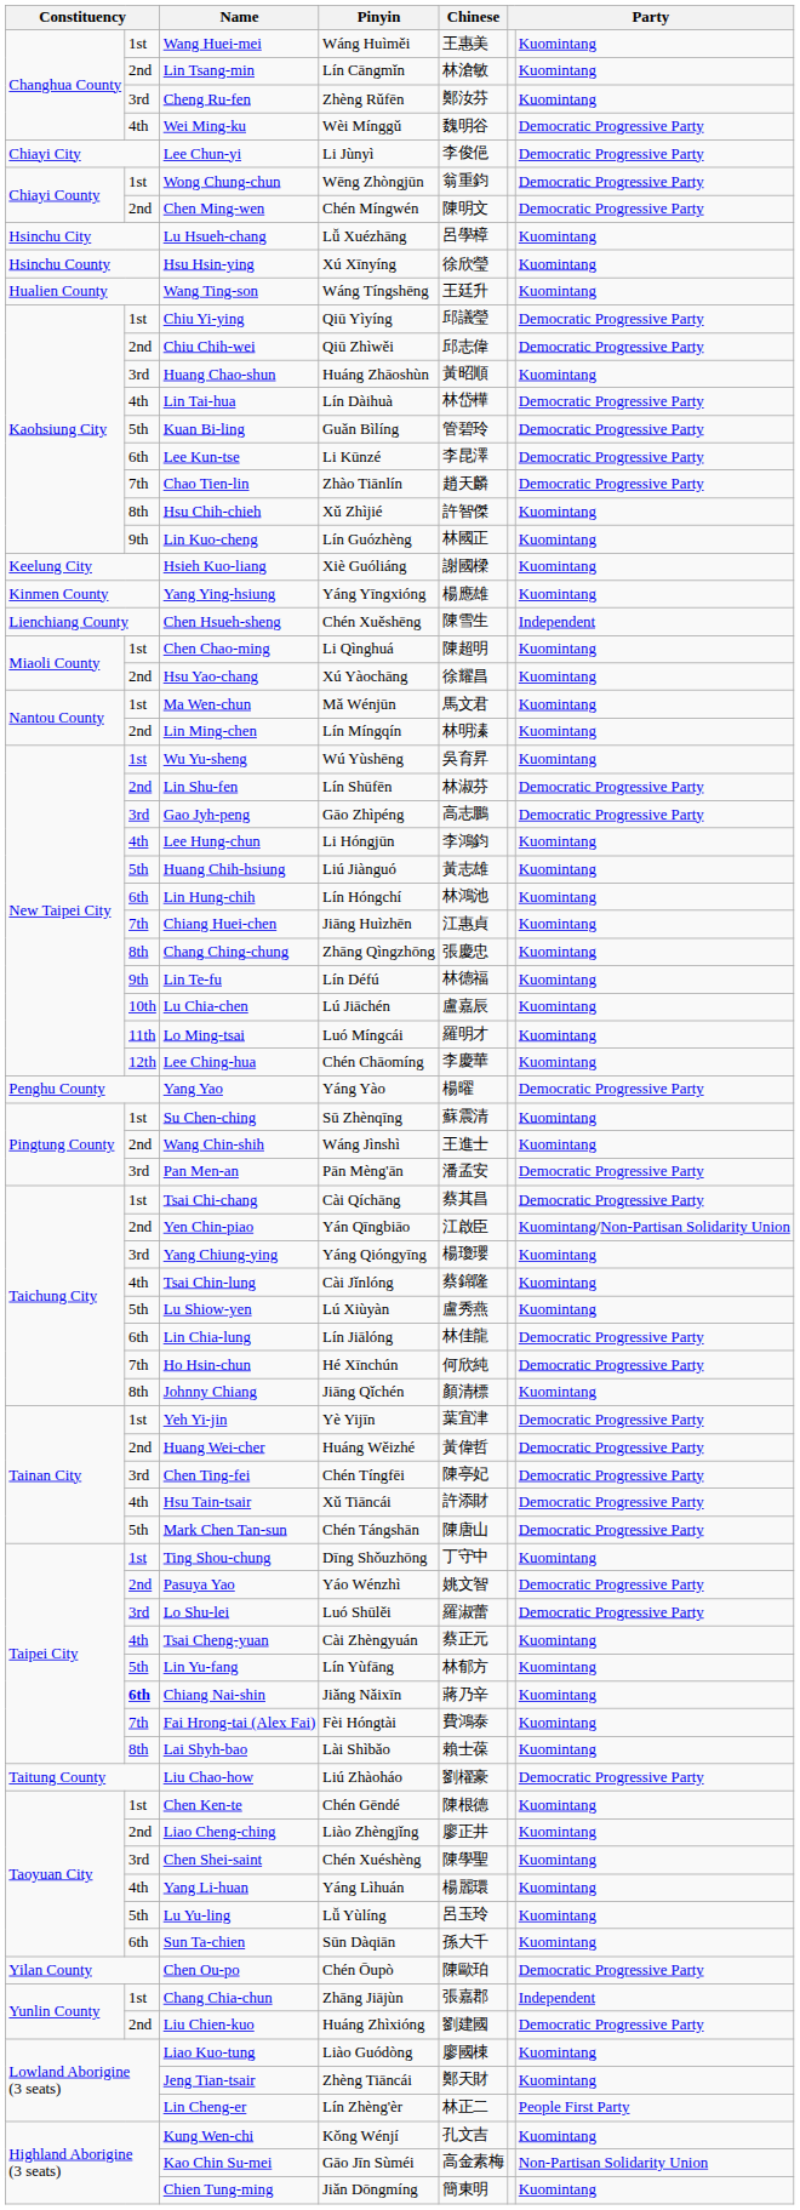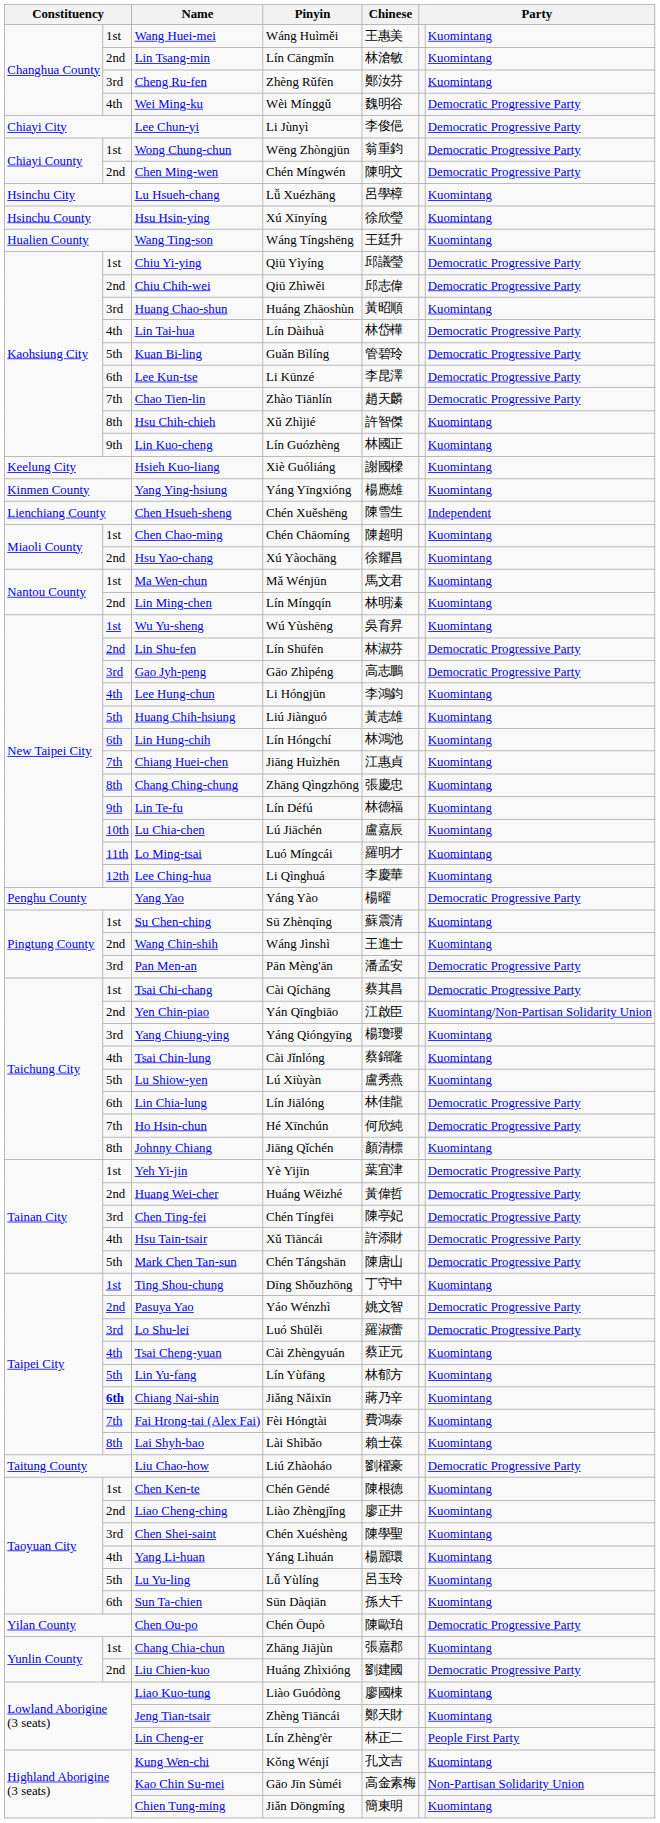 <table class="wikitable">
 <tr>
 <th colspan=2>Constituency</th>
 <th>Name</th>
 <th>Pinyin</th>
 <th>Chinese</th>
 <th colspan=2>Party</th>
 </tr>
 <tr>
 <td rowspan=4><a href='#'>Changhua County</a></td>
 <td>1st</td>
 <td><a href='#'>Wang Huei-mei</a></td>
 <td>Wáng Huìměi</td>
 <td>王惠美</td>
 <td style="background-color: "></td>
 <td><a href='#'>Kuomintang</a></td>
 </tr>
 <tr>
 <td>2nd</td>
 <td><a href='#'>Lin Tsang-min</a></td>
 <td>Lín Cāngmǐn</td>
 <td>林滄敏</td>
 <td style="background-color: "></td>
 <td><a href='#'>Kuomintang</a></td>
 </tr>
 <tr>
 <td>3rd</td>
 <td><a href='#'>Cheng Ru-fen</a></td>
 <td>Zhèng Rǔfēn</td>
 <td>鄭汝芬</td>
 <td style="background-color: "></td>
 <td><a href='#'>Kuomintang</a></td>
 </tr>
 <tr>
 <td>4th</td>
 <td><a href='#'>Wei Ming-ku</a></td>
 <td>Wèi Mínggǔ</td>
 <td>魏明谷</td>
 <td style="background-color: "></td>
 <td><a href='#'>Democratic Progressive Party</a></td>
 </tr>
 <tr>
 <td colspan=2><a href='#'>Chiayi City</a></td>
 <td><a href='#'>Lee Chun-yi</a></td>
 <td>Li Jùnyì</td>
 <td>李俊俋</td>
 <td style="background-color: "></td>
 <td><a href='#'>Democratic Progressive Party</a></td>
 </tr>
 <tr>
 <td rowspan=2><a href='#'>Chiayi County</a></td>
 <td>1st</td>
 <td><a href='#'>Wong Chung-chun</a></td>
 <td>Wēng Zhòngjūn</td>
 <td>翁重鈞</td>
 <td style="background-color: "></td>
 <td><a href='#'>Democratic Progressive Party</a></td>
 </tr>
 <tr>
 <td>2nd</td>
 <td><a href='#'>Chen Ming-wen</a></td>
 <td>Chén Míngwén</td>
 <td>陳明文</td>
 <td style="background-color: "></td>
 <td><a href='#'>Democratic Progressive Party</a></td>
 </tr>
 <tr>
 <td colspan=2><a href='#'>Hsinchu City</a></td>
 <td><a href='#'>Lu Hsueh-chang</a></td>
 <td>Lǚ Xuézhāng</td>
 <td>呂學樟</td>
 <td style="background-color: "></td>
 <td><a href='#'>Kuomintang</a></td>
 </tr>
 <tr>
 <td colspan=2><a href='#'>Hsinchu County</a></td>
 <td><a href='#'>Hsu Hsin-ying</a></td>
 <td>Xú Xīnyíng</td>
 <td>徐欣瑩</td>
 <td style="background-color: "></td>
 <td><a href='#'>Kuomintang</a></td>
 </tr>
 <tr>
 <td colspan=2><a href='#'>Hualien County</a></td>
 <td><a href='#'>Wang Ting-son</a></td>
 <td>Wáng Tíngshēng</td>
 <td>王廷升</td>
 <td style="background-color: "></td>
 <td><a href='#'>Kuomintang</a></td>
 </tr>
 <tr>
 <td rowspan=9><a href='#'>Kaohsiung City</a></td>
 <td>1st</td>
 <td><a href='#'>Chiu Yi-ying</a></td>
 <td>Qiū Yìyíng</td>
 <td>邱議瑩</td>
 <td style="background-color: "></td>
 <td><a href='#'>Democratic Progressive Party</a></td>
 </tr>
 <tr>
 <td>2nd</td>
 <td><a href='#'>Chiu Chih-wei</a></td>
 <td>Qiū Zhìwěi</td>
 <td>邱志偉</td>
 <td style="background-color: "></td>
 <td><a href='#'>Democratic Progressive Party</a></td>
 </tr>
 <tr>
 <td>3rd</td>
 <td><a href='#'>Huang Chao-shun</a></td>
 <td>Huáng Zhāoshùn</td>
 <td>黃昭順</td>
 <td style="background-color: "></td>
 <td><a href='#'>Kuomintang</a></td>
 </tr>
 <tr>
 <td>4th</td>
 <td><a href='#'>Lin Tai-hua</a></td>
 <td>Lín Dàihuà</td>
 <td>林岱樺</td>
 <td style="background-color: "></td>
 <td><a href='#'>Democratic Progressive Party</a></td>
 </tr>
 <tr>
 <td>5th</td>
 <td><a href='#'>Kuan Bi-ling</a></td>
 <td>Guǎn Bìlíng</td>
 <td>管碧玲</td>
 <td style="background-color: "></td>
 <td><a href='#'>Democratic Progressive Party</a></td>
 </tr>
 <tr>
 <td>6th</td>
 <td><a href='#'>Lee Kun-tse</a></td>
 <td>Li Kūnzé</td>
 <td>李昆澤</td>
 <td style="background-color: "></td>
 <td><a href='#'>Democratic Progressive Party</a></td>
 </tr>
 <tr>
 <td>7th</td>
 <td><a href='#'>Chao Tien-lin</a></td>
 <td>Zhào Tiānlín</td>
 <td>趙天麟</td>
 <td style="background-color: "></td>
 <td><a href='#'>Democratic Progressive Party</a></td>
 </tr>
 <tr>
 <td>8th</td>
 <td><a href='#'>Hsu Chih-chieh</a></td>
 <td>Xǔ Zhìjié</td>
 <td>許智傑</td>
 <td style="background-color: "></td>
 <td><a href='#'>Kuomintang</a></td>
 </tr>
 <tr>
 <td>9th</td>
 <td><a href='#'>Lin Kuo-cheng</a></td>
 <td>Lín Guózhèng</td>
 <td>林國正</td>
 <td style="background-color: "></td>
 <td><a href='#'>Kuomintang</a></td>
 </tr>
 <tr>
 <td colspan=2><a href='#'>Keelung City</a></td>
 <td><a href='#'>Hsieh Kuo-liang</a></td>
 <td>Xiè Guóliáng</td>
 <td>謝國樑</td>
 <td style="background-color: "></td>
 <td><a href='#'>Kuomintang</a></td>
 </tr>
 <tr>
 <td colspan=2><a href='#'>Kinmen County</a></td>
 <td><a href='#'>Yang Ying-hsiung</a></td>
 <td>Yáng Yīngxióng</td>
 <td>楊應雄</td>
 <td style="background-color: "></td>
 <td><a href='#'>Kuomintang</a></td>
 </tr>
 <tr>
 <td colspan=2><a href='#'>Lienchiang County</a></td>
 <td><a href='#'>Chen Hsueh-sheng</a></td>
 <td>Chén Xuěshēng</td>
 <td>陳雪生</td>
 <td style="background-color: "></td>
 <td><a href='#'>Independent</a></td>
 </tr>
 <tr>
 <td rowspan=2><a href='#'>Miaoli County</a></td>
 <td>1st</td>
 <td><a href='#'>Chen Chao-ming</a></td>
-<td>Li Qìnghuá</td>
+<td>Chén Chāomíng</td>
 <td>陳超明</td>
 <td style="background-color: "></td>
 <td><a href='#'>Kuomintang</a></td>
 </tr>
 <tr>
 <td>2nd</td>
 <td><a href='#'>Hsu Yao-chang</a></td>
 <td>Xú Yàochāng</td>
 <td>徐耀昌</td>
 <td style="background-color: "></td>
 <td><a href='#'>Kuomintang</a></td>
 </tr>
 <tr>
 <td rowspan=2><a href='#'>Nantou County</a></td>
 <td>1st</td>
 <td><a href='#'>Ma Wen-chun</a></td>
 <td>Mǎ Wénjūn</td>
 <td>馬文君</td>
 <td style="background-color: "></td>
 <td><a href='#'>Kuomintang</a></td>
 </tr>
 <tr>
 <td>2nd</td>
 <td><a href='#'>Lin Ming-chen</a></td>
 <td>Lín Míngqín</td>
 <td>林明溱</td>
 <td style="background-color: "></td>
 <td><a href='#'>Kuomintang</a></td>
 </tr>
 <tr>
 <td rowspan=12><a href='#'>New Taipei City</a></td>
 <td><a href='#'>1st</a></td>
 <td><a href='#'>Wu Yu-sheng</a></td>
 <td>Wú Yùshēng</td>
 <td>吳育昇</td>
 <td style="background-color: "></td>
 <td><a href='#'>Kuomintang</a></td>
 </tr>
 <tr>
 <td><a href='#'>2nd</a></td>
 <td><a href='#'>Lin Shu-fen</a></td>
 <td>Lín Shūfēn</td>
 <td>林淑芬</td>
 <td style="background-color: "></td>
 <td><a href='#'>Democratic Progressive Party</a></td>
 </tr>
 <tr>
 <td><a href='#'>3rd</a></td>
 <td><a href='#'>Gao Jyh-peng</a></td>
 <td>Gāo Zhìpéng</td>
 <td>高志鵬</td>
 <td style="background-color: "></td>
 <td><a href='#'>Democratic Progressive Party</a></td>
 </tr>
 <tr>
 <td><a href='#'>4th</a></td>
 <td><a href='#'>Lee Hung-chun</a></td>
 <td>Li Hóngjūn</td>
 <td>李鴻鈞</td>
 <td style="background-color: "></td>
 <td><a href='#'>Kuomintang</a></td>
 </tr>
 <tr>
 <td><a href='#'>5th</a></td>
 <td><a href='#'>Huang Chih-hsiung</a></td>
 <td>Liú Jiànguó</td>
 <td>黃志雄</td>
 <td style="background-color: "></td>
 <td><a href='#'>Kuomintang</a></td>
 </tr>
 <tr>
 <td><a href='#'>6th</a></td>
 <td><a href='#'>Lin Hung-chih</a></td>
 <td>Lín Hóngchí</td>
 <td>林鴻池</td>
 <td style="background-color: "></td>
 <td><a href='#'>Kuomintang</a></td>
 </tr>
 <tr>
 <td><a href='#'>7th</a></td>
 <td><a href='#'>Chiang Huei-chen</a></td>
 <td>Jiāng Huìzhēn</td>
 <td>江惠貞</td>
 <td style="background-color: "></td>
 <td><a href='#'>Kuomintang</a></td>
 </tr>
 <tr>
 <td><a href='#'>8th</a></td>
 <td><a href='#'>Chang Ching-chung</a></td>
 <td>Zhāng Qìngzhōng</td>
 <td>張慶忠</td>
 <td style="background-color: "></td>
 <td><a href='#'>Kuomintang</a></td>
 </tr>
 <tr>
 <td><a href='#'>9th</a></td>
 <td><a href='#'>Lin Te-fu</a></td>
 <td>Lín Défú</td>
 <td>林德福</td>
 <td style="background-color: "></td>
 <td><a href='#'>Kuomintang</a></td>
 </tr>
 <tr>
 <td><a href='#'>10th</a></td>
 <td><a href='#'>Lu Chia-chen</a></td>
 <td>Lú Jiāchén</td>
 <td>盧嘉辰</td>
 <td style="background-color: "></td>
 <td><a href='#'>Kuomintang</a></td>
 </tr>
 <tr>
 <td><a href='#'>11th</a></td>
 <td><a href='#'>Lo Ming-tsai</a></td>
 <td>Luó Míngcái</td>
 <td>羅明才</td>
 <td style="background-color: "></td>
 <td><a href='#'>Kuomintang</a></td>
 </tr>
 <tr>
 <td><a href='#'>12th</a></td>
 <td><a href='#'>Lee Ching-hua</a></td>
-<td>Chén Chāomíng</td>
+<td>Li Qìnghuá</td>
 <td>李慶華</td>
 <td style="background-color: "></td>
 <td><a href='#'>Kuomintang</a></td>
 </tr>
 <tr>
 <td colspan=2><a href='#'>Penghu County</a></td>
 <td><a href='#'>Yang Yao</a></td>
 <td>Yáng Yào</td>
 <td>楊曜</td>
 <td style="background-color: "></td>
 <td><a href='#'>Democratic Progressive Party</a></td>
 </tr>
 <tr>
 <td rowspan=3><a href='#'>Pingtung County</a></td>
 <td>1st</td>
 <td><a href='#'>Su Chen-ching</a></td>
 <td>Sū Zhènqīng</td>
 <td>蘇震清</td>
 <td style="background-color: "></td>
 <td><a href='#'>Kuomintang</a></td>
 </tr>
 <tr>
 <td>2nd</td>
 <td><a href='#'>Wang Chin-shih</a></td>
 <td>Wáng Jìnshì</td>
 <td>王進士</td>
 <td style="background-color: "></td>
 <td><a href='#'>Kuomintang</a></td>
 </tr>
 <tr>
 <td>3rd</td>
 <td><a href='#'>Pan Men-an</a></td>
 <td>Pān Mèng'ān</td>
 <td>潘孟安</td>
 <td style="background-color: "></td>
 <td><a href='#'>Democratic Progressive Party</a></td>
 </tr>
 <tr>
 <td rowspan=8><a href='#'>Taichung City</a></td>
 <td>1st</td>
 <td><a href='#'>Tsai Chi-chang</a></td>
 <td>Cài Qíchāng</td>
 <td>蔡其昌</td>
 <td style="background-color: "></td>
 <td><a href='#'>Democratic Progressive Party</a></td>
 </tr>
 <tr>
 <td>2nd</td>
 <td><a href='#'>Yen Chin-piao</a></td>
 <td>Yán Qīngbiāo</td>
 <td>江啟臣</td>
 <td style="background:"></td>
 <td><a href='#'>Kuomintang</a>/<a href='#'>Non-Partisan Solidarity Union</a></td>
 </tr>
 <tr>
 <td>3rd</td>
 <td><a href='#'>Yang Chiung-ying</a></td>
 <td>Yáng Qióngyīng</td>
 <td>楊瓊瓔</td>
 <td style="background-color: "></td>
 <td><a href='#'>Kuomintang</a></td>
 </tr>
 <tr>
 <td>4th</td>
 <td><a href='#'>Tsai Chin-lung</a></td>
 <td>Cài Jǐnlóng</td>
 <td>蔡錦隆</td>
 <td style="background-color: "></td>
 <td><a href='#'>Kuomintang</a></td>
 </tr>
 <tr>
 <td>5th</td>
 <td><a href='#'>Lu Shiow-yen</a></td>
 <td>Lú Xiùyàn</td>
 <td>盧秀燕</td>
 <td style="background-color: "></td>
 <td><a href='#'>Kuomintang</a></td>
 </tr>
 <tr>
 <td>6th</td>
 <td><a href='#'>Lin Chia-lung</a></td>
 <td>Lín Jiālóng</td>
 <td>林佳龍</td>
 <td style="background-color: "></td>
 <td><a href='#'>Democratic Progressive Party</a></td>
 </tr>
 <tr>
 <td>7th</td>
 <td><a href='#'>Ho Hsin-chun</a></td>
 <td>Hé Xīnchún</td>
 <td>何欣純</td>
 <td style="background-color: "></td>
 <td><a href='#'>Democratic Progressive Party</a></td>
 </tr>
 <tr>
 <td>8th</td>
 <td><a href='#'>Johnny Chiang</a></td>
 <td>Jiāng Qǐchén</td>
 <td>顏清標</td>
 <td style="background-color: "></td>
 <td><a href='#'>Kuomintang</a></td>
 </tr>
 <tr>
 <td rowspan=5><a href='#'>Tainan City</a></td>
 <td>1st</td>
 <td><a href='#'>Yeh Yi-jin</a></td>
 <td>Yè Yijīn</td>
 <td>葉宜津</td>
 <td style="background-color: "></td>
 <td><a href='#'>Democratic Progressive Party</a></td>
 </tr>
 <tr>
 <td>2nd</td>
 <td><a href='#'>Huang Wei-cher</a></td>
 <td>Huáng Wěizhé</td>
 <td>黃偉哲</td>
 <td style="background-color: "></td>
 <td><a href='#'>Democratic Progressive Party</a></td>
 </tr>
 <tr>
 <td>3rd</td>
 <td><a href='#'>Chen Ting-fei</a></td>
 <td>Chén Tíngfēi</td>
 <td>陳亭妃</td>
 <td style="background-color: "></td>
 <td><a href='#'>Democratic Progressive Party</a></td>
 </tr>
 <tr>
 <td>4th</td>
 <td><a href='#'>Hsu Tain-tsair</a></td>
 <td>Xǔ Tiāncái</td>
 <td>許添財</td>
 <td style="background-color: "></td>
 <td><a href='#'>Democratic Progressive Party</a></td>
 </tr>
 <tr>
 <td>5th</td>
 <td><a href='#'>Mark Chen Tan-sun</a></td>
 <td>Chén Tángshān</td>
 <td>陳唐山</td>
 <td style="background-color: "></td>
 <td><a href='#'>Democratic Progressive Party</a></td>
 </tr>
 <tr>
 <td rowspan=8><a href='#'>Taipei City</a></td>
 <td><a href='#'>1st</a></td>
 <td><a href='#'>Ting Shou-chung</a></td>
 <td>Dīng Shǒuzhōng</td>
 <td>丁守中</td>
 <td style="background-color: "></td>
 <td><a href='#'>Kuomintang</a></td>
 </tr>
 <tr>
 <td><a href='#'>2nd</a></td>
 <td><a href='#'>Pasuya Yao</a></td>
 <td>Yáo Wénzhì</td>
 <td>姚文智</td>
 <td style="background-color: "></td>
 <td><a href='#'>Democratic Progressive Party</a></td>
 </tr>
 <tr>
 <td><a href='#'>3rd</a></td>
 <td><a href='#'>Lo Shu-lei</a></td>
 <td>Luó Shūlěi</td>
 <td>羅淑蕾</td>
 <td style="background-color: "></td>
 <td><a href='#'>Democratic Progressive Party</a></td>
 </tr>
 <tr>
 <td><a href='#'>4th</a></td>
 <td><a href='#'>Tsai Cheng-yuan</a></td>
 <td>Cài Zhèngyuán</td>
 <td>蔡正元</td>
 <td style="background-color: "></td>
 <td><a href='#'>Kuomintang</a></td>
 </tr>
 <tr>
 <td><a href='#'>5th</a></td>
 <td><a href='#'>Lin Yu-fang</a></td>
 <td>Lín Yùfāng</td>
 <td>林郁方</td>
 <td style="background-color: "></td>
 <td><a href='#'>Kuomintang</a></td>
 </tr>
 <tr>
 <td><strong><a href='#'>6th</a></strong></td>
 <td><a href='#'>Chiang Nai-shin</a></td>
 <td>Jiǎng Nǎixīn</td>
 <td>蔣乃辛</td>
 <td style="background-color: "></td>
 <td><a href='#'>Kuomintang</a></td>
 </tr>
 <tr>
 <td><a href='#'>7th</a></td>
 <td><a href='#'>Fai Hrong-tai (Alex Fai)</a></td>
 <td>Fèi Hóngtài</td>
 <td>費鴻泰</td>
 <td style="background-color: "></td>
 <td><a href='#'>Kuomintang</a></td>
 </tr>
 <tr>
 <td><a href='#'>8th</a></td>
 <td><a href='#'>Lai Shyh-bao</a></td>
 <td>Lài Shìbǎo</td>
 <td>賴士葆</td>
 <td style="background-color: "></td>
 <td><a href='#'>Kuomintang</a></td>
 </tr>
 <tr>
 <td colspan=2><a href='#'>Taitung County</a></td>
 <td><a href='#'>Liu Chao-how</a></td>
 <td>Liú Zhàoháo</td>
 <td>劉櫂豪</td>
 <td style="background-color: "></td>
 <td><a href='#'>Democratic Progressive Party</a></td>
 </tr>
 <tr>
 <td rowspan=6><a href='#'>Taoyuan City</a></td>
 <td>1st</td>
 <td><a href='#'>Chen Ken-te</a></td>
 <td>Chén Gēndé</td>
 <td>陳根德</td>
 <td style="background-color: "></td>
 <td><a href='#'>Kuomintang</a></td>
 </tr>
 <tr>
 <td>2nd</td>
 <td><a href='#'>Liao Cheng-ching</a></td>
 <td>Liào Zhèngjǐng</td>
 <td>廖正井</td>
 <td style="background-color: "></td>
 <td><a href='#'>Kuomintang</a></td>
 </tr>
 <tr>
 <td>3rd</td>
 <td><a href='#'>Chen Shei-saint</a></td>
 <td>Chén Xuéshèng</td>
 <td>陳學聖</td>
 <td style="background-color: "></td>
 <td><a href='#'>Kuomintang</a></td>
 </tr>
 <tr>
 <td>4th</td>
 <td><a href='#'>Yang Li-huan</a></td>
 <td>Yáng Lìhuán</td>
 <td>楊麗環</td>
 <td style="background-color: "></td>
 <td><a href='#'>Kuomintang</a></td>
 </tr>
 <tr>
 <td>5th</td>
 <td><a href='#'>Lu Yu-ling</a></td>
 <td>Lǚ Yùlíng</td>
 <td>呂玉玲</td>
 <td style="background-color: "></td>
 <td><a href='#'>Kuomintang</a></td>
 </tr>
 <tr>
 <td>6th</td>
 <td><a href='#'>Sun Ta-chien</a></td>
 <td>Sūn Dàqiān</td>
 <td>孫大千</td>
 <td style="background-color: "></td>
 <td><a href='#'>Kuomintang</a></td>
 </tr>
 <tr>
 <td colspan=2><a href='#'>Yilan County</a></td>
 <td><a href='#'>Chen Ou-po</a></td>
 <td>Chén Ōupò</td>
 <td>陳歐珀</td>
 <td style="background-color: "></td>
 <td><a href='#'>Democratic Progressive Party</a></td>
 </tr>
 <tr>
 <td rowspan=2><a href='#'>Yunlin County</a></td>
 <td>1st</td>
 <td><a href='#'>Chang Chia-chun</a></td>
 <td>Zhāng Jiājùn</td>
 <td>張嘉郡</td>
 <td style="background-color: "></td>
-<td><a href='#'>Independent</a></td>
+<td><a href='#'>Kuomintang</a></td>
 </tr>
 <tr>
 <td>2nd</td>
 <td><a href='#'>Liu Chien-kuo</a></td>
 <td>Huáng Zhìxióng</td>
 <td>劉建國</td>
 <td style="background-color: "></td>
 <td><a href='#'>Democratic Progressive Party</a></td>
 </tr>
 <tr>
 <td colspan=2 rowspan=3><a href='#'>Lowland Aborigine</a><br>(3 seats)</td>
 <td><a href='#'>Liao Kuo-tung</a></td>
 <td>Liào Guódòng</td>
 <td>廖國棟</td>
 <td style="background-color: "></td>
 <td><a href='#'>Kuomintang</a></td>
 </tr>
 <tr>
 <td><a href='#'>Jeng Tian-tsair</a></td>
 <td>Zhèng Tiāncái</td>
 <td>鄭天財</td>
 <td style="background-color: "></td>
 <td><a href='#'>Kuomintang</a></td>
 </tr>
 <tr>
 <td><a href='#'>Lin Cheng-er</a></td>
 <td>Lín Zhèng'èr</td>
 <td>林正二</td>
 <td style="background-color: "></td>
 <td><a href='#'>People First Party</a></td>
 </tr>
 <tr>
 <td colspan=2 rowspan=3><a href='#'>Highland Aborigine</a><br>(3 seats)</td>
 <td><a href='#'>Kung Wen-chi</a></td>
 <td>Kǒng Wénjí</td>
 <td>孔文吉</td>
 <td style="background-color: "></td>
 <td><a href='#'>Kuomintang</a></td>
 </tr>
 <tr>
 <td><a href='#'>Kao Chin Su-mei</a></td>
 <td>Gāo Jīn Sùméi</td>
 <td>高金素梅</td>
 <td style="background:"></td>
 <td><a href='#'>Non-Partisan Solidarity Union</a></td>
 </tr>
 <tr>
 <td><a href='#'>Chien Tung-ming</a></td>
 <td>Jiǎn Dōngmíng</td>
 <td>簡東明</td>
 <td style="background-color: "></td>
 <td><a href='#'>Kuomintang</a></td>
 </tr>
 </table>
